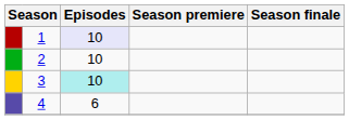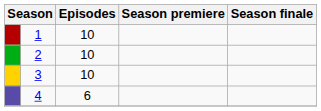 <table class="wikitable" style="text-align: center;">
 <tr>
 <th colspan="2">Season</th>
 <th>Episodes</th>
 <th>Season premiere</th>
 <th>Season finale</th>
 </tr>
 <tr>
 <td style="background:#B60000; height:5px;"></td>
 <td><a href='#'>1</a></td>
-<td style="background: lavender;">10</td>
+<td>10</td>
 <td></td>
 <td></td>
 </tr>
 <tr>
 <td style="background:#00AE14; height:5px;"></td>
 <td><a href='#'>2</a></td>
 <td>10</td>
 <td></td>
 <td></td>
 </tr>
 <tr>
 <td style="background:#FFD300; height:5px;"></td>
 <td><a href='#'>3</a></td>
-<td style="background: paleturquoise;">10</td>
+<td>10</td>
 <td></td>
 <td></td>
 </tr>
 <tr>
 <td style="background:#574AA9; height:5px;"></td>
 <td><a href='#'>4</a></td>
 <td>6</td>
 <td></td>
 <td></td>
 </tr>
 <tr>
 </tr>
 </table>
